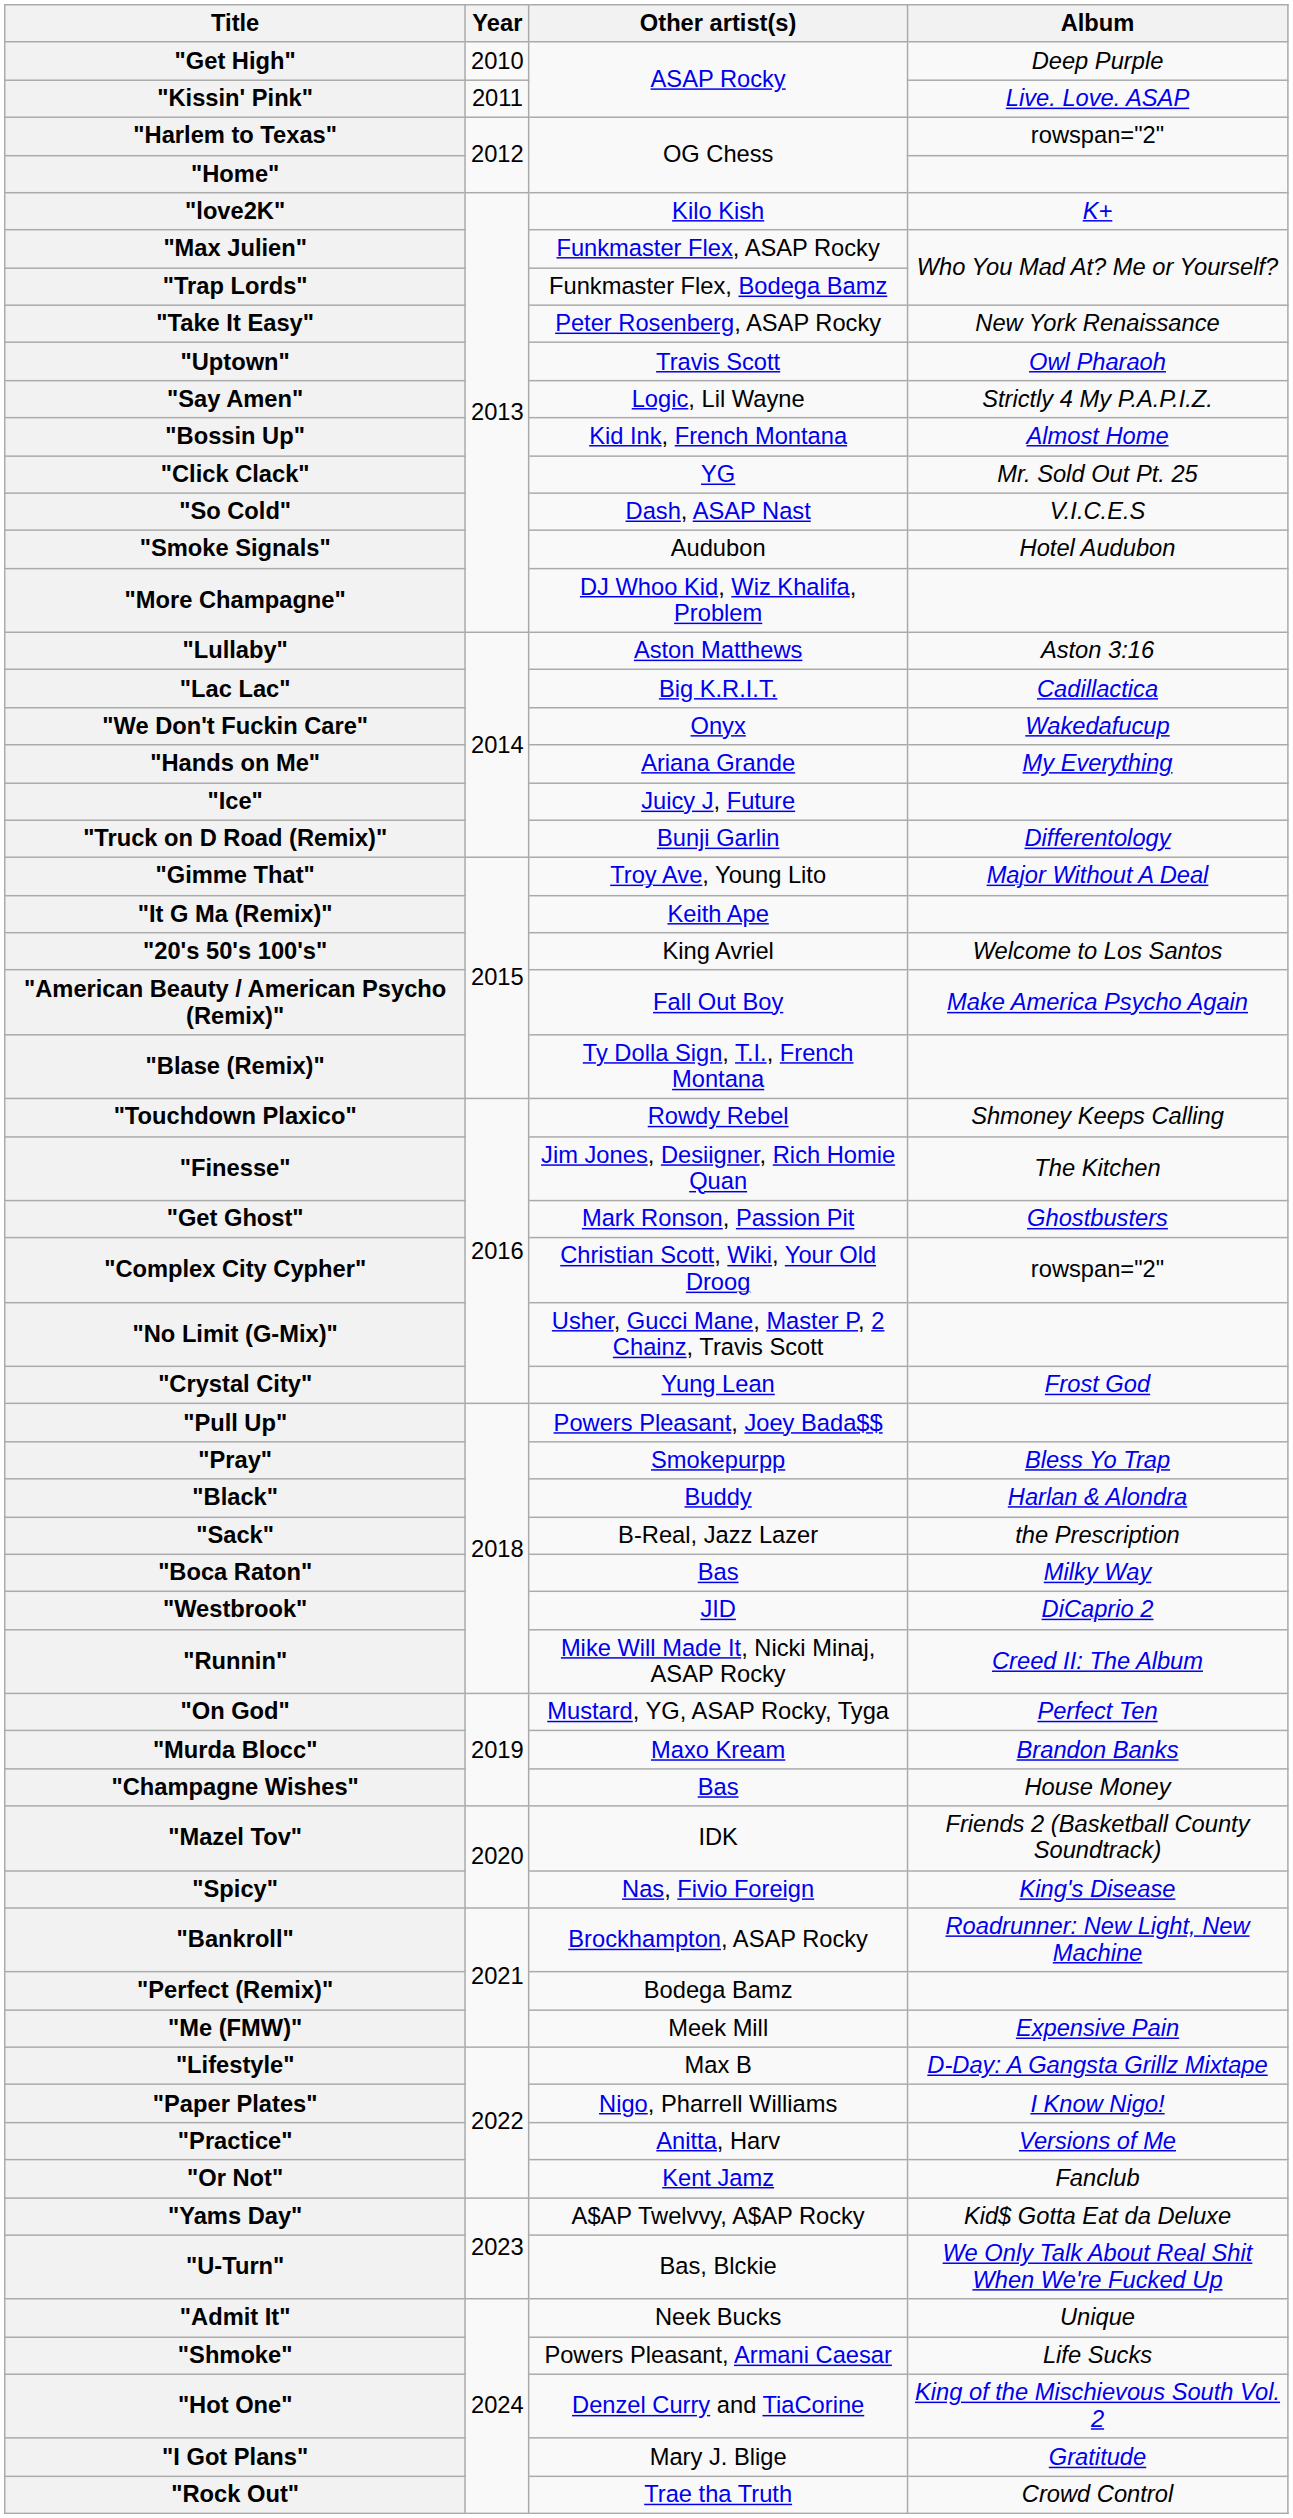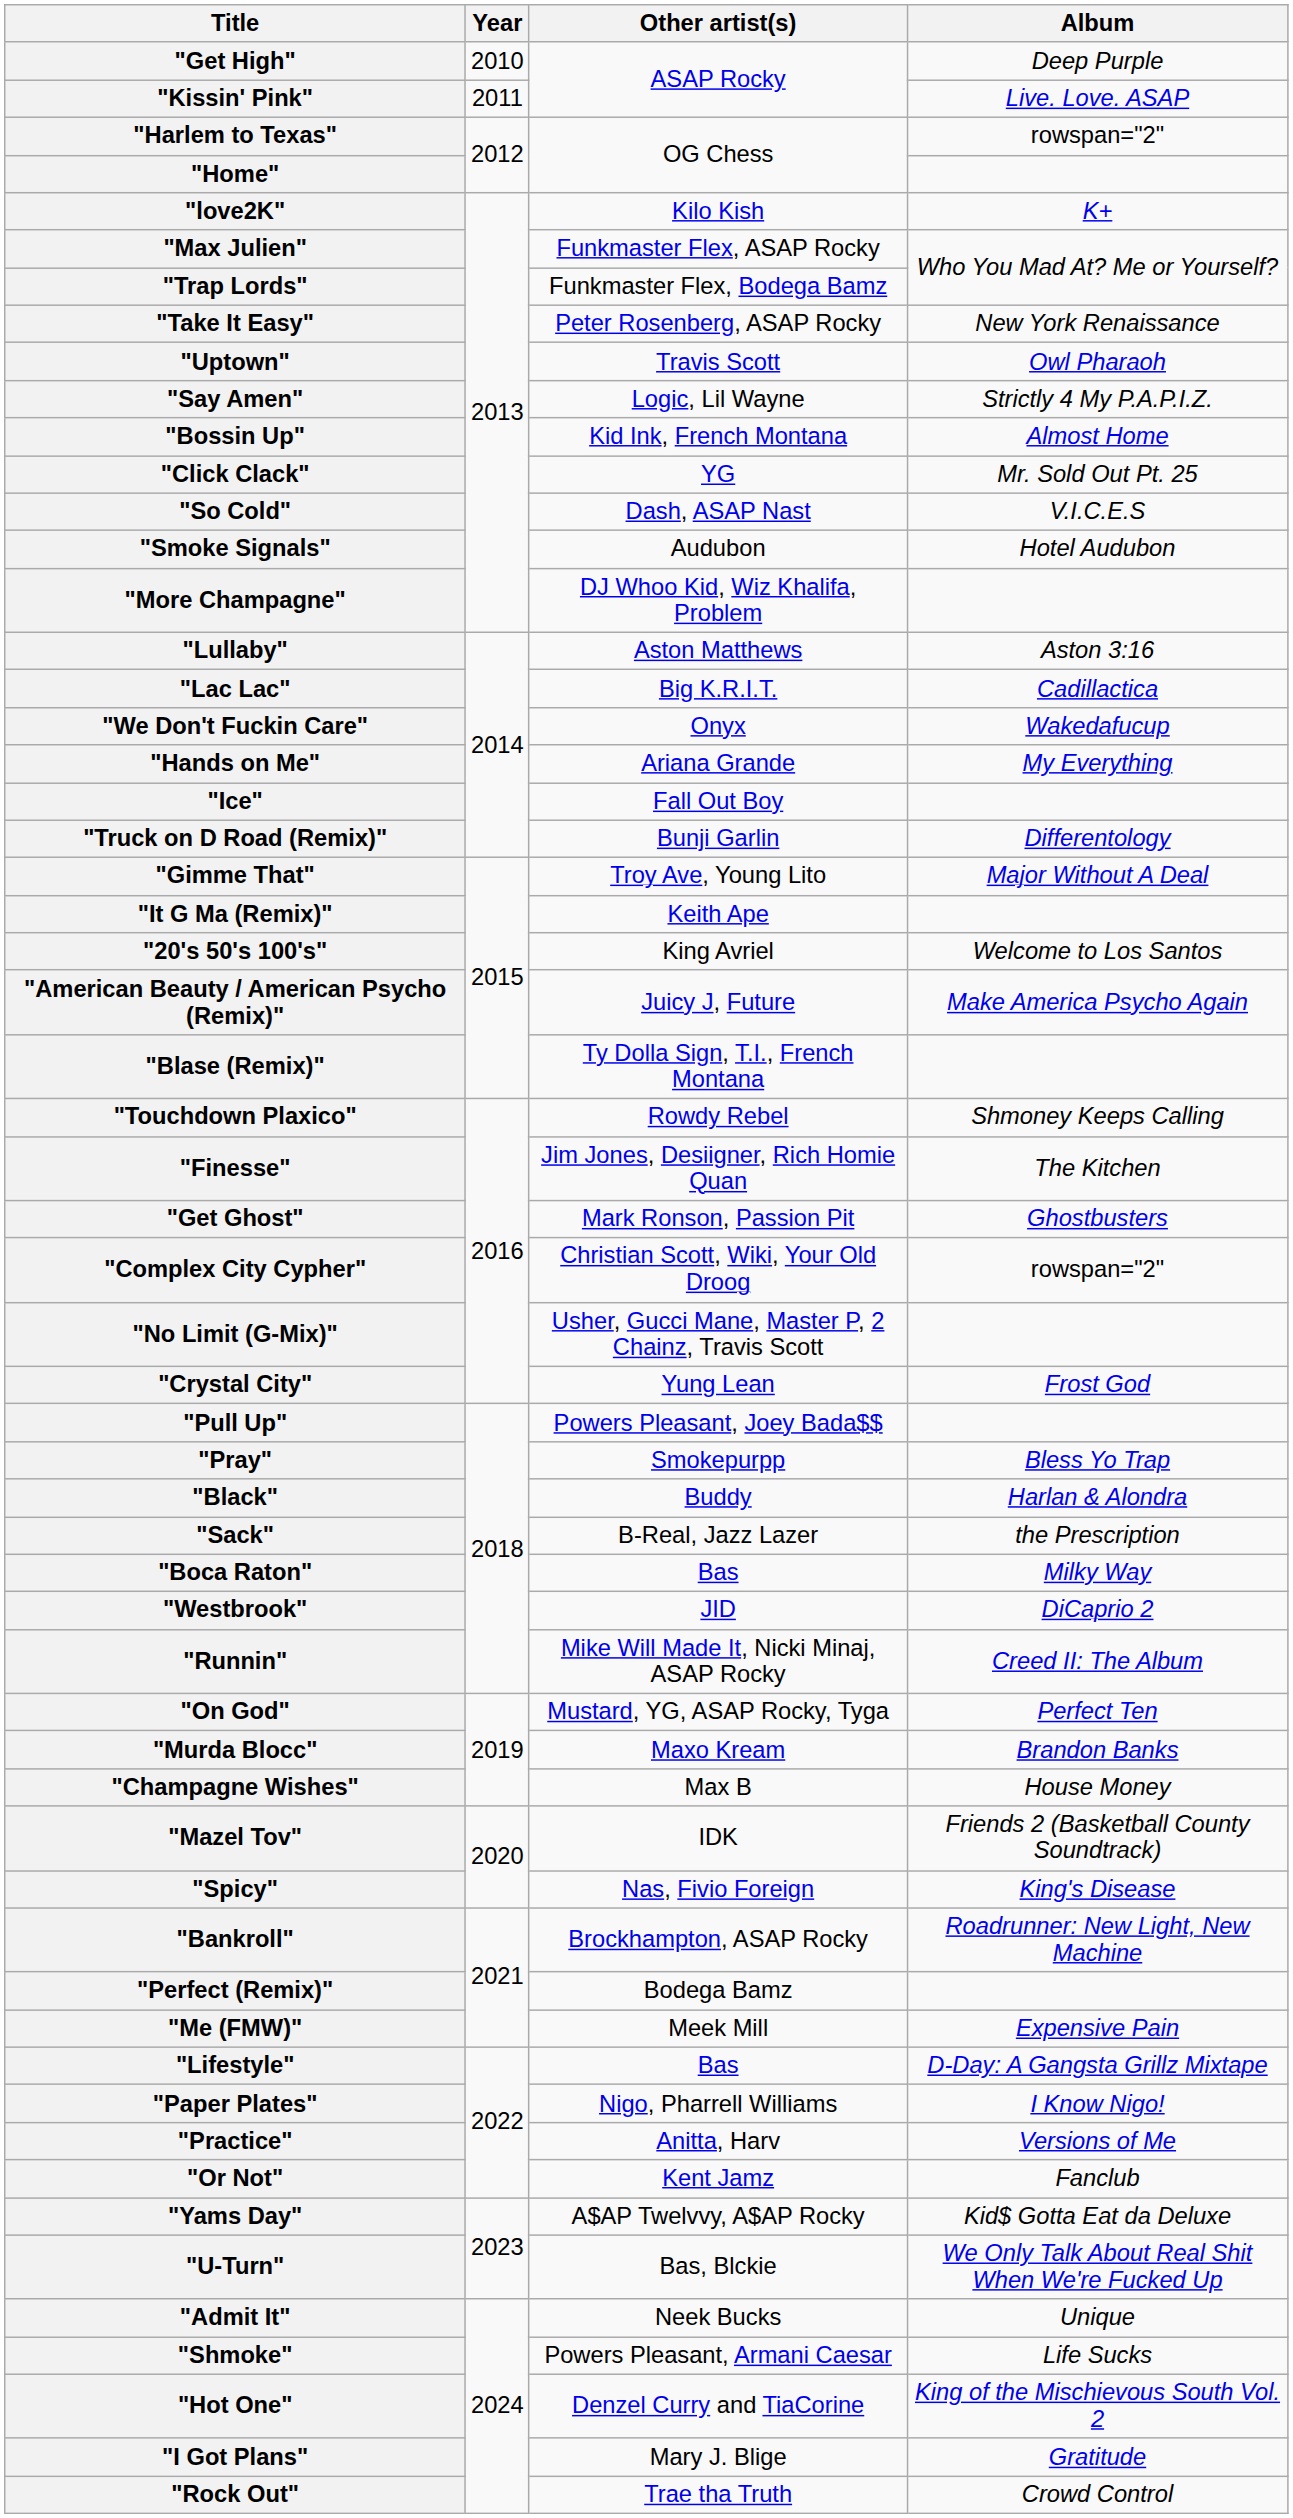 <table class="wikitable plainrowheaders" style="text-align:center;">
 <tr>
 <th scope="col" style="width:19em;">Title</th>
 <th scope="col">Year</th>
 <th scope="col">Other artist(s)</th>
 <th scope="col">Album</th>
 </tr>
 <tr>
 <th scope="row">"Get High"</th>
 <td>2010</td>
 <td rowspan="2"><a href='#'>ASAP Rocky</a></td>
 <td><em>Deep Purple</em></td>
 </tr>
 <tr>
 <th scope="row">"Kissin' Pink"</th>
 <td>2011</td>
 <td><em><a href='#'>Live. Love. ASAP</a></em></td>
 </tr>
 <tr>
 <th scope="row">"Harlem to Texas"</th>
 <td rowspan="2">2012</td>
 <td rowspan="2">OG Chess</td>
 <td>rowspan="2" </td>
 </tr>
 <tr>
 <th scope="row">"Home"</th>
 </tr>
 <tr>
 <th scope="row">"love2K"</th>
 <td rowspan="11">2013</td>
 <td><a href='#'>Kilo Kish</a></td>
 <td><em><a href='#'>K+</a></em></td>
 </tr>
 <tr>
 <th scope="row">"Max Julien"</th>
 <td><a href='#'>Funkmaster Flex</a>, ASAP Rocky</td>
 <td rowspan="2"><em>Who You Mad At? Me or Yourself?</em></td>
 </tr>
 <tr>
 <th scope="row">"Trap Lords"</th>
 <td>Funkmaster Flex, <a href='#'>Bodega Bamz</a></td>
 </tr>
 <tr>
 <th scope="row">"Take It Easy"</th>
 <td><a href='#'>Peter Rosenberg</a>, ASAP Rocky</td>
 <td><em>New York Renaissance</em></td>
 </tr>
 <tr>
 <th scope="row">"Uptown"</th>
 <td><a href='#'>Travis Scott</a></td>
 <td><em><a href='#'>Owl Pharaoh</a></em></td>
 </tr>
 <tr>
 <th scope="row">"Say Amen"</th>
 <td><a href='#'>Logic</a>, Lil Wayne</td>
 <td><em>Strictly 4 My P.A.P.I.Z.</em></td>
 </tr>
 <tr>
 <th scope="row">"Bossin Up"</th>
 <td><a href='#'>Kid Ink</a>, <a href='#'>French Montana</a></td>
 <td><em><a href='#'>Almost Home</a></em></td>
 </tr>
 <tr>
 <th scope="row">"Click Clack"</th>
 <td><a href='#'>YG</a></td>
 <td><em>Mr. Sold Out Pt. 25</em></td>
 </tr>
 <tr>
 <th scope="row">"So Cold"</th>
 <td><a href='#'>Dash</a>, <a href='#'>ASAP Nast</a></td>
 <td><em>V.I.C.E.S</em></td>
 </tr>
 <tr>
 <th scope="row">"Smoke Signals"</th>
 <td>Audubon</td>
 <td><em>Hotel Audubon</em></td>
 </tr>
 <tr>
 <th scope="row">"More Champagne"</th>
 <td><a href='#'>DJ Whoo Kid</a>, <a href='#'>Wiz Khalifa</a>, <a href='#'>Problem</a></td>
 <td></td>
 </tr>
 <tr>
 <th scope="row">"Lullaby"</th>
 <td rowspan="6">2014</td>
 <td><a href='#'>Aston Matthews</a></td>
 <td><em>Aston 3:16</em></td>
 </tr>
 <tr>
 <th scope="row">"Lac Lac"</th>
 <td><a href='#'>Big K.R.I.T.</a></td>
 <td><em><a href='#'>Cadillactica</a></em></td>
 </tr>
 <tr>
 <th scope="row">"We Don't Fuckin Care"</th>
 <td><a href='#'>Onyx</a></td>
 <td><em><a href='#'>Wakedafucup</a></em></td>
 </tr>
 <tr>
 <th scope="row">"Hands on Me"</th>
 <td><a href='#'>Ariana Grande</a></td>
 <td><em><a href='#'>My Everything</a></em></td>
 </tr>
 <tr>
 <th scope="row">"Ice"</th>
-<td><a href='#'>Juicy J</a>, <a href='#'>Future</a></td>
+<td><a href='#'>Fall Out Boy</a></td>
 <td></td>
 </tr>
 <tr>
 <th scope="row">"Truck on D Road (Remix)"</th>
 <td><a href='#'>Bunji Garlin</a></td>
 <td><em><a href='#'>Differentology</a></em></td>
 </tr>
 <tr>
 <th scope="row">"Gimme That"</th>
 <td rowspan="5">2015</td>
 <td><a href='#'>Troy Ave</a>, Young Lito</td>
 <td><em><a href='#'>Major Without A Deal</a></em></td>
 </tr>
 <tr>
 <th scope="row">"It G Ma (Remix)"</th>
 <td><a href='#'>Keith Ape</a></td>
 <td></td>
 </tr>
 <tr>
 <th scope="row">"20's 50's 100's"</th>
 <td>King Avriel</td>
 <td><em>Welcome to Los Santos</em></td>
 </tr>
 <tr>
 <th scope="row">"American Beauty / American Psycho (Remix)"</th>
-<td><a href='#'>Fall Out Boy</a></td>
+<td><a href='#'>Juicy J</a>, <a href='#'>Future</a></td>
 <td><em><a href='#'>Make America Psycho Again</a></em></td>
 </tr>
 <tr>
 <th scope="row">"Blase (Remix)"</th>
 <td><a href='#'>Ty Dolla Sign</a>, <a href='#'>T.I.</a>, <a href='#'>French Montana</a></td>
 <td></td>
 </tr>
 <tr>
 <th scope="row">"Touchdown Plaxico"</th>
 <td rowspan="6">2016</td>
 <td><a href='#'>Rowdy Rebel</a></td>
 <td><em>Shmoney Keeps Calling</em></td>
 </tr>
 <tr>
 <th scope="row">"Finesse"</th>
 <td><a href='#'>Jim Jones</a>, <a href='#'>Desiigner</a>, <a href='#'>Rich Homie Quan</a></td>
 <td><em>The Kitchen</em></td>
 </tr>
 <tr>
 <th scope="row">"Get Ghost"</th>
 <td><a href='#'>Mark Ronson</a>, <a href='#'>Passion Pit</a></td>
 <td><em><a href='#'>Ghostbusters</a></em></td>
 </tr>
 <tr>
 <th scope="row">"Complex City Cypher"</th>
 <td><a href='#'>Christian Scott</a>, <a href='#'>Wiki</a>, <a href='#'>Your Old Droog</a></td>
 <td>rowspan="2" </td>
 </tr>
 <tr>
 <th scope="row">"No Limit (G-Mix)"</th>
 <td><a href='#'>Usher</a>, <a href='#'>Gucci Mane</a>, <a href='#'>Master P</a>, <a href='#'>2 Chainz</a>, Travis Scott</td>
 </tr>
 <tr>
 <th scope="row">"Crystal City"</th>
 <td><a href='#'>Yung Lean</a></td>
 <td><em><a href='#'>Frost God</a></em></td>
 </tr>
 <tr>
 <th scope="row">"Pull Up"</th>
 <td rowspan="7">2018</td>
 <td><a href='#'>Powers Pleasant</a>, <a href='#'>Joey Bada$$</a></td>
 <td></td>
 </tr>
 <tr>
 <th scope="row">"Pray"</th>
 <td><a href='#'>Smokepurpp</a></td>
 <td><em><a href='#'>Bless Yo Trap</a></em></td>
 </tr>
 <tr>
 <th scope="row">"Black"</th>
 <td><a href='#'>Buddy</a></td>
 <td><em><a href='#'>Harlan & Alondra</a></em></td>
 </tr>
 <tr>
 <th scope="row">"Sack"</th>
 <td>B-Real, Jazz Lazer</td>
 <td><em>the Prescription</em></td>
 </tr>
 <tr>
 <th scope="row">"Boca Raton"</th>
 <td><a href='#'>Bas</a></td>
 <td><em><a href='#'>Milky Way</a></em></td>
 </tr>
 <tr>
 <th scope="row">"Westbrook"</th>
 <td><a href='#'>JID</a></td>
 <td><em><a href='#'>DiCaprio 2</a></em></td>
 </tr>
 <tr>
 <th scope="row">"Runnin"</th>
 <td><a href='#'>Mike Will Made It</a>, Nicki Minaj, ASAP Rocky</td>
 <td><em><a href='#'>Creed II: The Album</a></em></td>
 </tr>
 <tr>
 <th scope="row">"On God"</th>
 <td rowspan="3">2019</td>
 <td><a href='#'>Mustard</a>, YG, ASAP Rocky, Tyga</td>
 <td><em><a href='#'>Perfect Ten</a></em></td>
 </tr>
 <tr>
 <th scope="row">"Murda Blocc"</th>
 <td><a href='#'>Maxo Kream</a></td>
 <td><em><a href='#'>Brandon Banks</a></em></td>
 </tr>
 <tr>
 <th scope="row">"Champagne Wishes"</th>
-<td><a href='#'>Bas</a></td>
+<td>Max B</td>
 <td><em>House Money</em></td>
 </tr>
 <tr>
 <th scope="row">"Mazel Tov"</th>
 <td rowspan="2">2020</td>
 <td>IDK</td>
 <td><em>Friends 2 (Basketball County Soundtrack)</em></td>
 </tr>
 <tr>
 <th scope="row">"Spicy"</th>
 <td><a href='#'>Nas</a>, <a href='#'>Fivio Foreign</a></td>
 <td><em><a href='#'>King's Disease</a></em></td>
 </tr>
 <tr>
 <th scope="row">"Bankroll"</th>
 <td rowspan="3">2021</td>
 <td><a href='#'>Brockhampton</a>, ASAP Rocky</td>
 <td><em><a href='#'>Roadrunner: New Light, New Machine</a></em></td>
 </tr>
 <tr>
 <th scope="row">"Perfect (Remix)"</th>
 <td>Bodega Bamz</td>
 <td></td>
 </tr>
 <tr>
 <th scope="row">"Me (FMW)"</th>
 <td>Meek Mill</td>
 <td><em><a href='#'>Expensive Pain</a></em></td>
 </tr>
 <tr>
 <th scope="row">"Lifestyle"</th>
 <td rowspan="4">2022</td>
-<td>Max B</td>
+<td><a href='#'>Bas</a></td>
 <td><em><a href='#'>D-Day: A Gangsta Grillz Mixtape</a></em></td>
 </tr>
 <tr>
 <th scope="row">"Paper Plates"</th>
 <td><a href='#'>Nigo</a>, Pharrell Williams</td>
 <td><em><a href='#'>I Know Nigo!</a></em></td>
 </tr>
 <tr>
 <th scope="row">"Practice"</th>
 <td><a href='#'>Anitta</a>, Harv</td>
 <td><em><a href='#'>Versions of Me</a></em></td>
 </tr>
 <tr>
 <th scope="row">"Or Not"</th>
 <td><a href='#'>Kent Jamz</a></td>
 <td><em>Fanclub</em></td>
 </tr>
 <tr>
 <th scope="row">"Yams Day"</th>
 <td rowspan="2">2023</td>
 <td>A$AP Twelvvy, A$AP Rocky</td>
 <td><em>Kid$ Gotta Eat da Deluxe</em></td>
 </tr>
 <tr>
 <th>"U-Turn"</th>
 <td>Bas, Blckie</td>
 <td><a href='#'><em>We Only Talk About Real Shit When We're Fucked Up</em></a></td>
 </tr>
 <tr>
 <th scope="row">"Admit It"</th>
 <td rowspan="5">2024</td>
 <td>Neek Bucks</td>
 <td><em>Unique</em></td>
 </tr>
 <tr>
 <th scope="row">"Shmoke"</th>
 <td>Powers Pleasant, <a href='#'>Armani Caesar</a></td>
 <td><em>Life Sucks</em></td>
 </tr>
 <tr>
 <th scope="row">"Hot One"</th>
 <td><a href='#'>Denzel Curry</a> and <a href='#'>TiaCorine</a></td>
 <td><em><a href='#'>King of the Mischievous South Vol. 2</a></em></td>
 </tr>
 <tr>
 <th scope="row">"I Got Plans"</th>
 <td>Mary J. Blige</td>
 <td><em><a href='#'>Gratitude</a></em></td>
 </tr>
 <tr>
 <th scope="row">"Rock Out"</th>
 <td><a href='#'>Trae tha Truth</a></td>
 <td><em>Crowd Control</em></td>
 </tr>
 </table>
